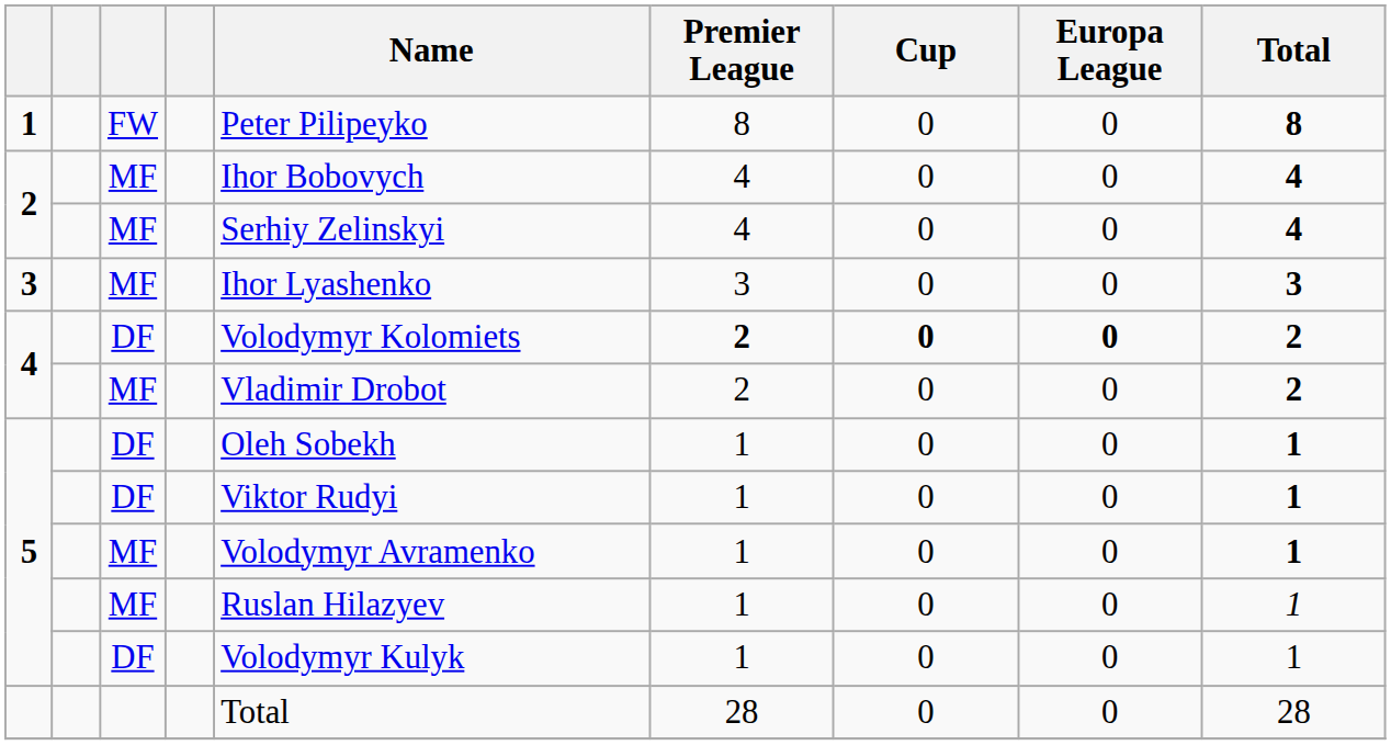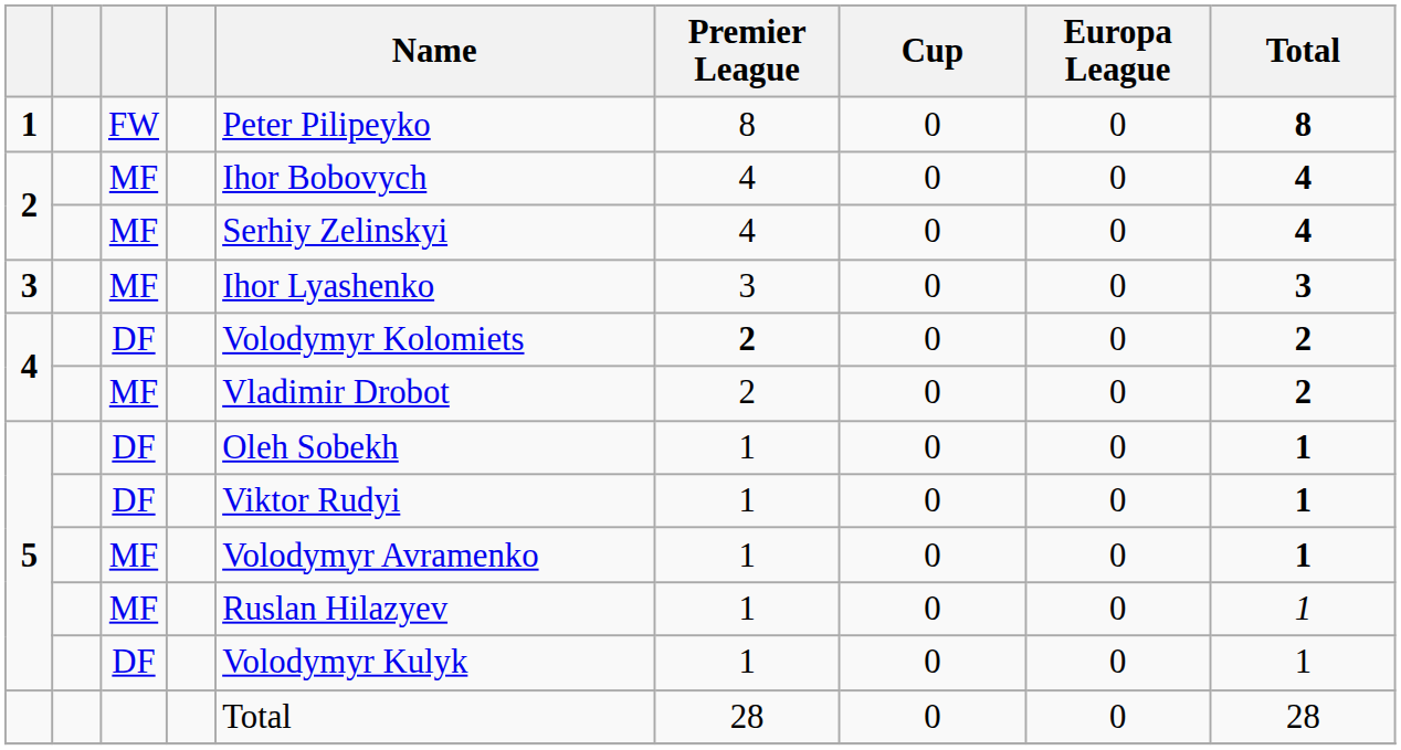 <table class="wikitable" style="text-align:center">
 <tr>
 <th width=15></th>
 <th width=15></th>
 <th width=15></th>
 <th width=15></th>
 <th width=200>Name</th>
 <th width=80><strong>Premier League</strong></th>
 <th width=80><strong>Cup</strong></th>
 <th width=80><strong>Europa League</strong></th>
 <th width=80>Total</th>
 </tr>
 <tr>
 <td><strong>1</strong></td>
 <td></td>
 <td><a href='#'>FW</a></td>
 <td></td>
 <td align=left><a href='#'>Peter Pilipeyko</a></td>
 <td>8</td>
 <td>0</td>
 <td>0</td>
 <td><strong>8</strong></td>
 </tr>
 <tr>
 <td rowspan=2><strong>2</strong></td>
 <td></td>
 <td><a href='#'>MF</a></td>
 <td></td>
 <td align=left><a href='#'>Ihor Bobovych</a></td>
 <td>4</td>
 <td>0</td>
 <td>0</td>
 <td><strong>4</strong></td>
 </tr>
 <tr>
 <td></td>
 <td><a href='#'>MF</a></td>
 <td></td>
 <td align=left><a href='#'>Serhiy Zelinskyi</a></td>
 <td>4</td>
 <td>0</td>
 <td>0</td>
 <td><strong>4</strong></td>
 </tr>
 <tr>
 <td><strong>3</strong></td>
 <td></td>
 <td><a href='#'>MF</a></td>
 <td></td>
 <td align=left><a href='#'>Ihor Lyashenko</a></td>
 <td>3</td>
 <td>0</td>
 <td>0</td>
 <td><strong>3</strong></td>
 </tr>
 <tr>
 <td rowspan=2><strong>4</strong></td>
 <td></td>
 <td><a href='#'>DF</a></td>
 <td></td>
 <td align=left><a href='#'>Volodymyr Kolomiets</a></td>
 <td><strong>2</strong></td>
-<td><strong>0</strong></td>
-<td><strong>0</strong></td>
+<td>0</td>
+<td>0</td>
 <td><strong>2</strong></td>
 </tr>
 <tr>
 <td></td>
 <td><a href='#'>MF</a></td>
 <td></td>
 <td align=left><a href='#'>Vladimir Drobot</a></td>
 <td>2</td>
 <td>0</td>
 <td>0</td>
 <td><strong>2</strong></td>
 </tr>
 <tr>
 <td rowspan=5><strong>5</strong></td>
 <td></td>
 <td><a href='#'>DF</a></td>
 <td></td>
 <td align=left><a href='#'>Oleh Sobekh</a></td>
 <td>1</td>
 <td>0</td>
 <td>0</td>
 <td><strong>1</strong></td>
 </tr>
 <tr>
 <td></td>
 <td><a href='#'>DF</a></td>
 <td></td>
 <td align=left><a href='#'>Viktor Rudyi</a></td>
 <td>1</td>
 <td>0</td>
 <td>0</td>
 <td><strong>1</strong></td>
 </tr>
 <tr>
 <td></td>
 <td><a href='#'>MF</a></td>
 <td></td>
 <td align=left><a href='#'>Volodymyr Avramenko</a></td>
 <td>1</td>
 <td>0</td>
 <td>0</td>
 <td><strong>1</strong></td>
 </tr>
 <tr>
 <td></td>
 <td><a href='#'>MF</a></td>
 <td></td>
 <td align=left><a href='#'>Ruslan Hilazyev</a></td>
 <td>1</td>
 <td>0</td>
 <td>0</td>
 <td><em>1<strong></td>
 </tr>
 <tr>
 <td></td>
 <td><a href='#'>DF</a></td>
 <td></td>
 <td align=left><a href='#'>Volodymyr Kulyk</a></td>
 <td>1</td>
 <td>0</td>
 <td>0</td>
 <td></strong>1<strong></td>
 </tr>
 <tr>
 <td></td>
 <td></td>
 <td></td>
 <td></td>
 <td align=left>Total</td>
 <td></strong>28<strong></td>
 <td></strong>0<strong></td>
 <td></strong>0<strong></td>
 <td></strong>28<strong></td>
 </tr>
 <tr>
 </tr>
 </table>
